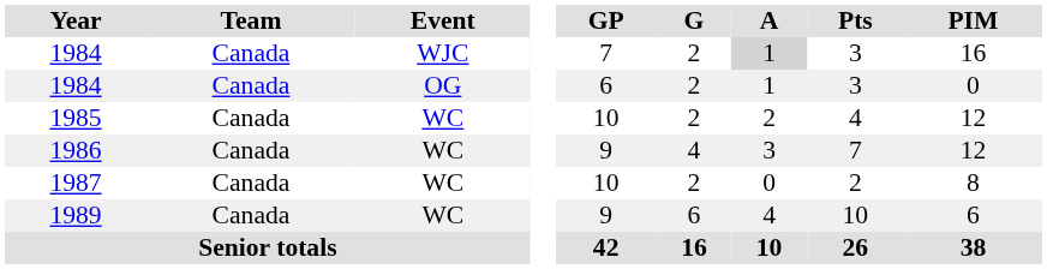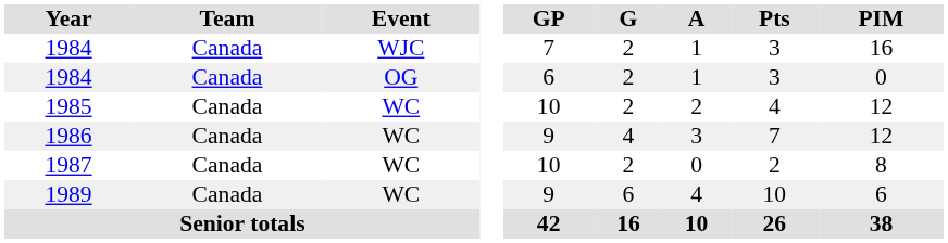 <table border="0" cellpadding="1" cellspacing="0" style="text-align:center; width:40em">
 <tr ALIGN="center" bgcolor="#e0e0e0">
 <th>Year</th>
 <th>Team</th>
 <th>Event</th>
 <th rowspan="99" bgcolor="#ffffff"> </th>
 <th>GP</th>
 <th>G</th>
 <th>A</th>
 <th>Pts</th>
 <th>PIM</th>
 </tr>
 <tr>
 <td><a href='#'>1984</a></td>
 <td><a href='#'>Canada</a></td>
 <td><a href='#'>WJC</a></td>
 <td>7</td>
 <td>2</td>
-<td style="background: lightgrey;">1</td>
+<td>1</td>
 <td>3</td>
 <td>16</td>
 </tr>
 <tr bgcolor="#f0f0f0">
 <td><a href='#'>1984</a></td>
 <td><a href='#'>Canada</a></td>
 <td><a href='#'>OG</a></td>
 <td>6</td>
 <td>2</td>
 <td>1</td>
 <td>3</td>
 <td>0</td>
 </tr>
 <tr>
 <td><a href='#'>1985</a></td>
 <td>Canada</td>
 <td><a href='#'>WC</a></td>
 <td>10</td>
 <td>2</td>
 <td>2</td>
 <td>4</td>
 <td>12</td>
 </tr>
 <tr bgcolor="#f0f0f0">
 <td><a href='#'>1986</a></td>
 <td>Canada</td>
 <td>WC</td>
 <td>9</td>
 <td>4</td>
 <td>3</td>
 <td>7</td>
 <td>12</td>
 </tr>
 <tr>
 <td><a href='#'>1987</a></td>
 <td>Canada</td>
 <td>WC</td>
 <td>10</td>
 <td>2</td>
 <td>0</td>
 <td>2</td>
 <td>8</td>
 </tr>
 <tr bgcolor="#f0f0f0">
 <td><a href='#'>1989</a></td>
 <td>Canada</td>
 <td>WC</td>
 <td>9</td>
 <td>6</td>
 <td>4</td>
 <td>10</td>
 <td>6</td>
 </tr>
 <tr bgcolor="#e0e0e0">
 <th colspan=3>Senior totals</th>
 <th>42</th>
 <th>16</th>
 <th>10</th>
 <th>26</th>
 <th>38</th>
 </tr>
 </table>
